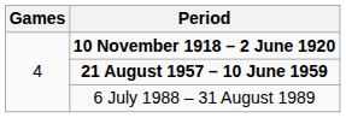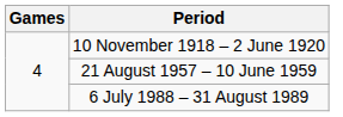 <table class="wikitable" style="font-size:90%; text-align: center">
 <tr>
 <th>Games</th>
 <th>Period</th>
 </tr>
 <tr>
 <td rowspan=3>4</td>
-<td><strong>10 November 1918 – 2 June 1920</strong></td>
+<td>10 November 1918 – 2 June 1920</td>
 </tr>
 <tr>
-<td><strong>21 August 1957 – 10 June 1959</strong></td>
+<td>21 August 1957 – 10 June 1959</td>
 </tr>
 <tr>
 <td>6 July 1988 – 31 August 1989</td>
 </tr>
 </table>
